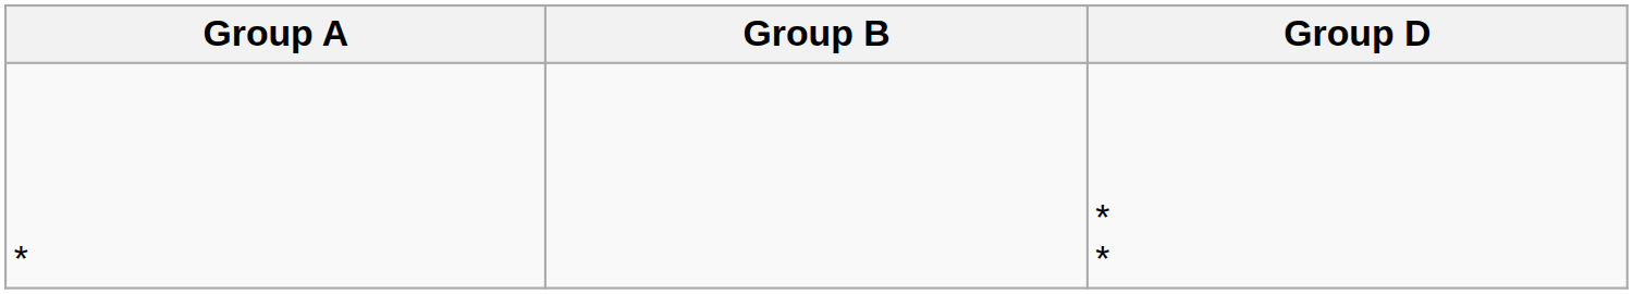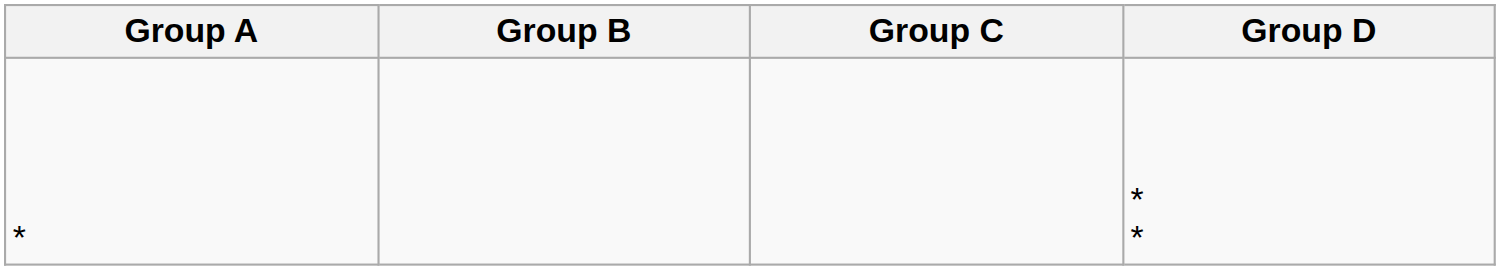 <table class="wikitable" width=80%>
 <tr>
 <th width=25%>Group A</th>
 <th width=25%>Group B</th>
+<th width=25%>Group C</th>
 <th width=25%>Group D</th>
 </tr>
 <tr>
 <td><br><br> <br> <br> <s></s> *</td>
 <td><br><br> <br> <br>  </td>
+<td><br><br> <br> <br>  </td>
 <td><br><br> <br> <s></s> *<br> <s></s> *</td>
 </tr>
 </table>
